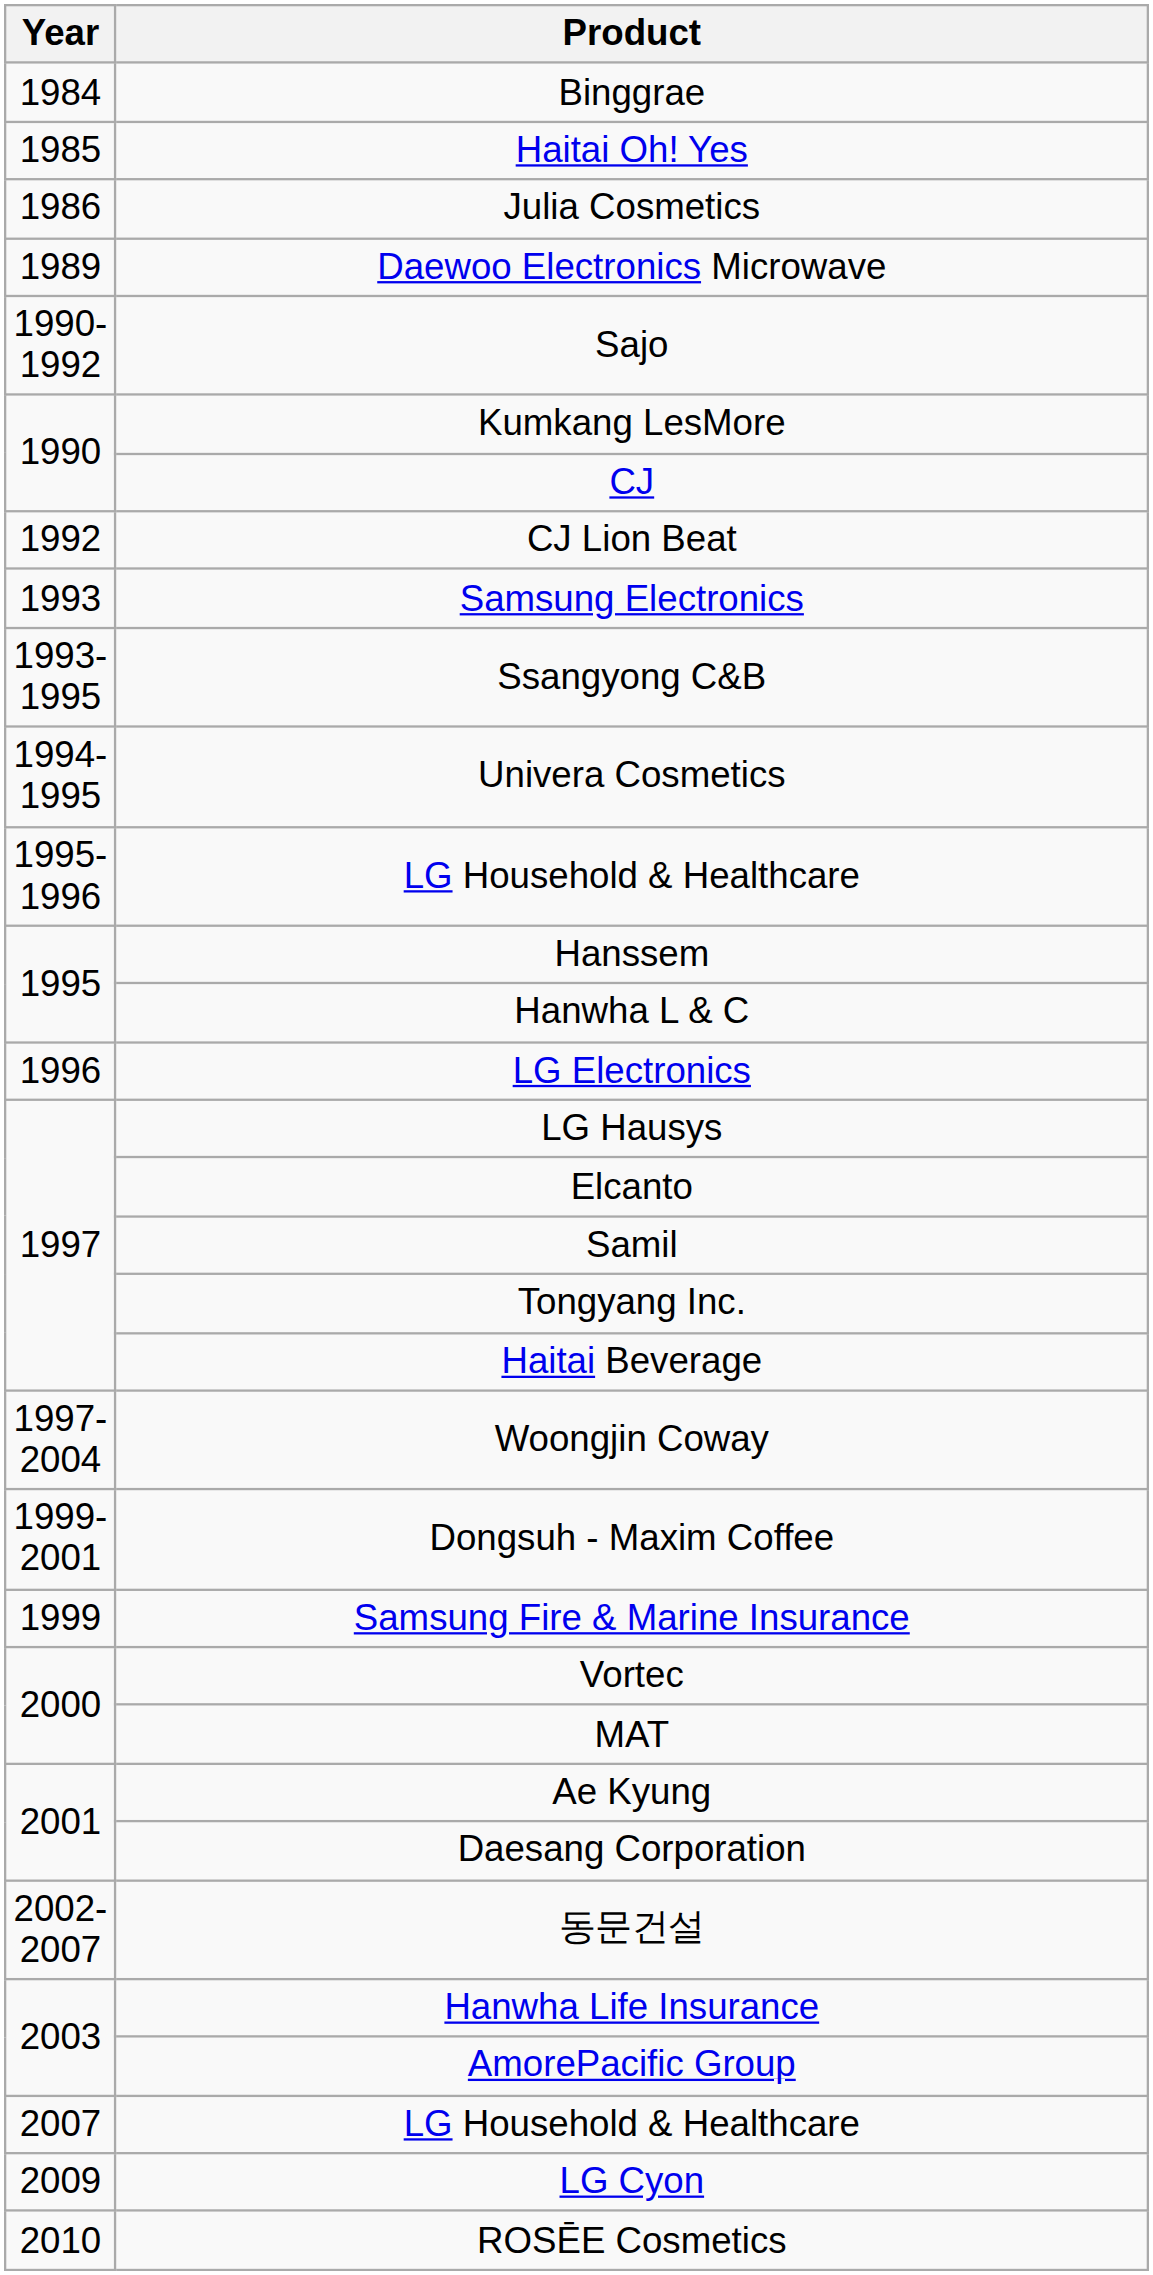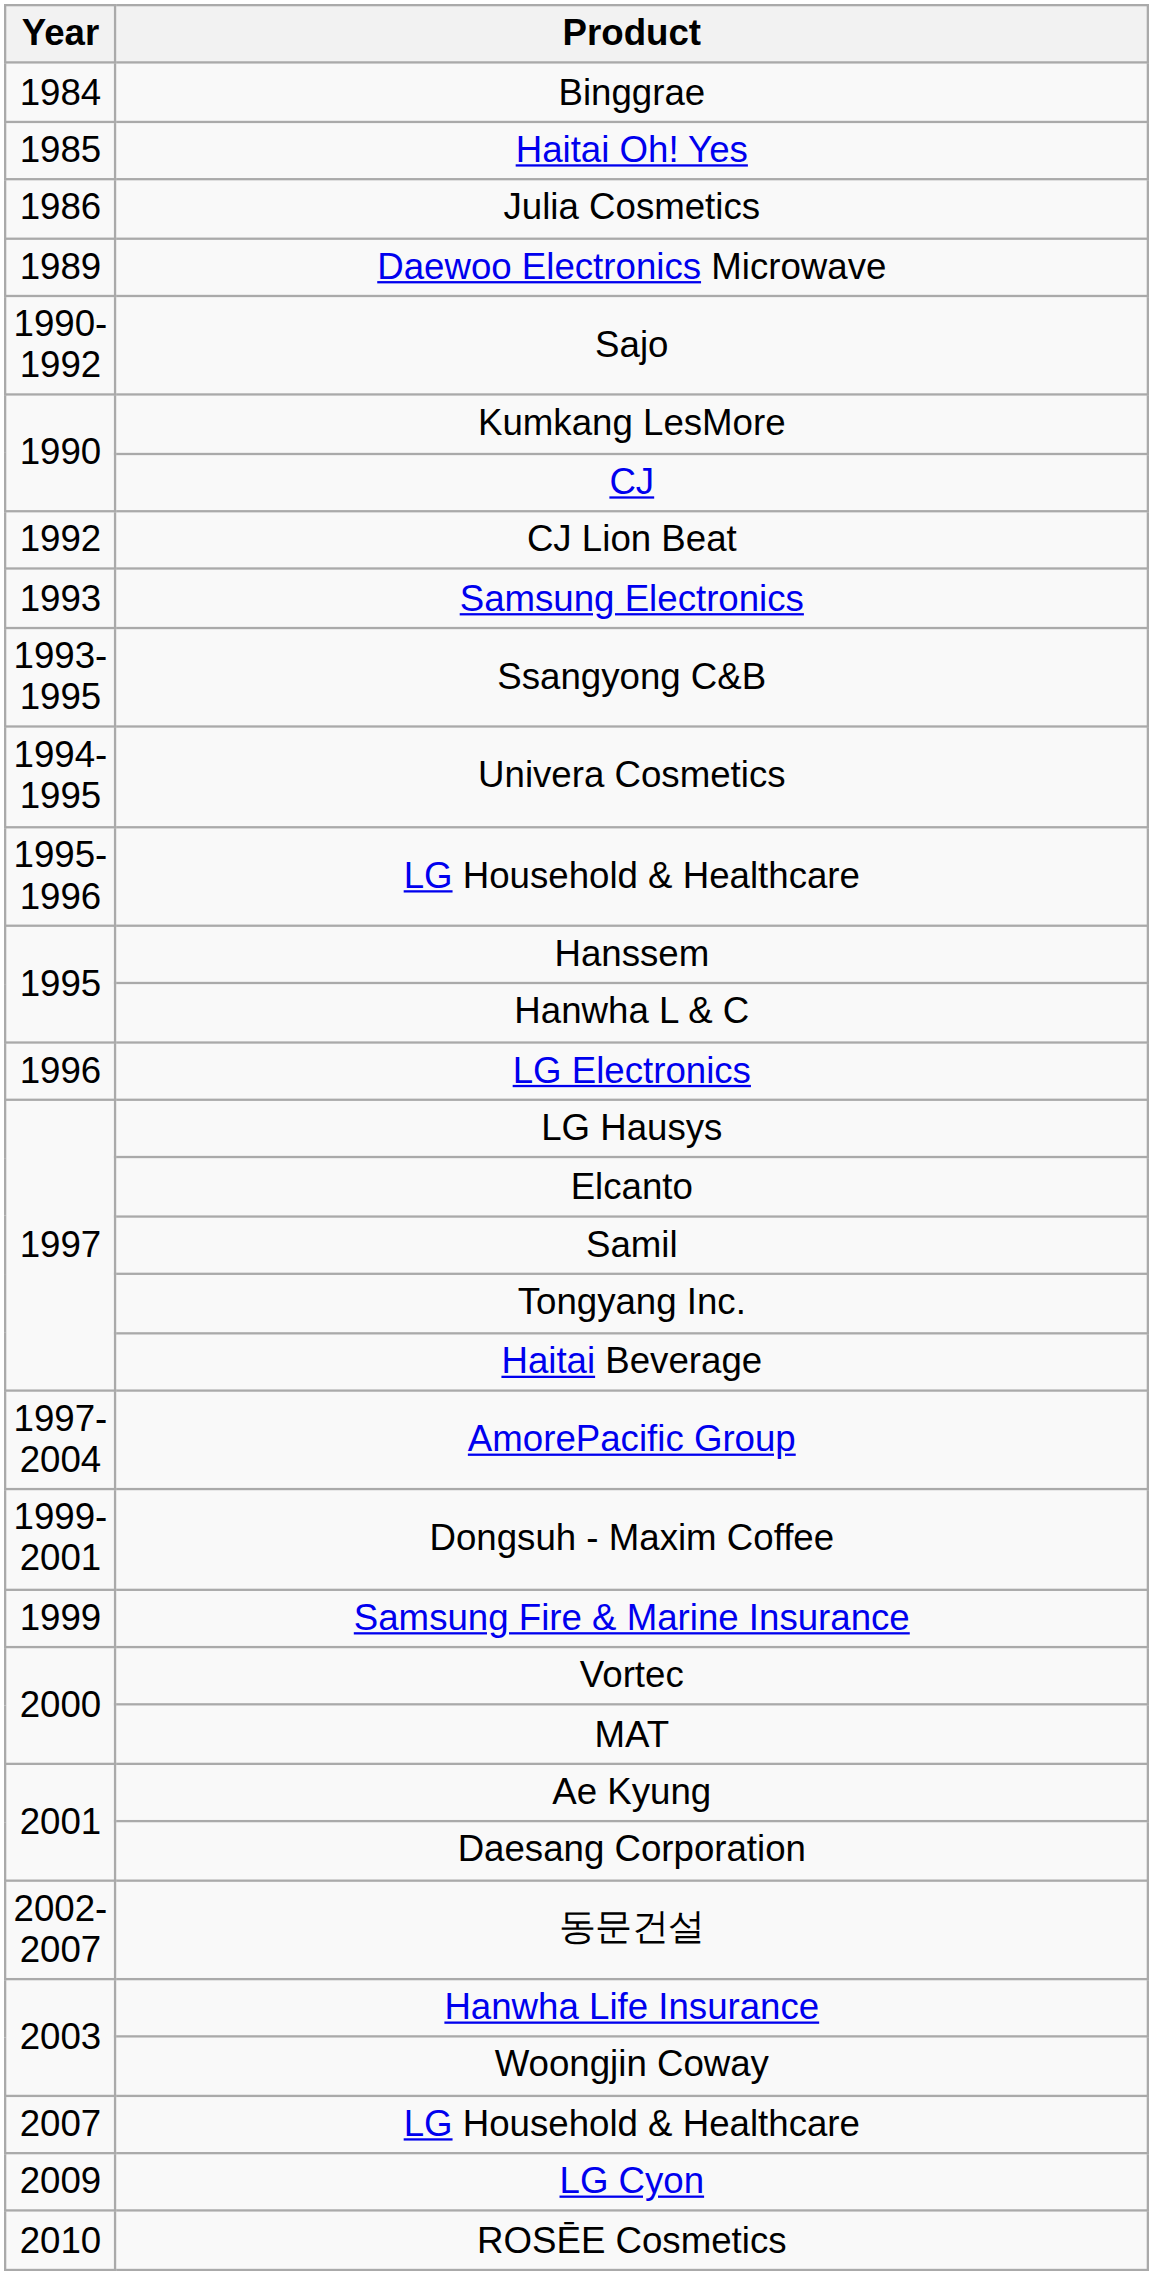 <table class="wikitable" style="width:500px">
 <tr>
 <th width=10>Year</th>
 <th>Product</th>
 </tr>
 <tr>
 <td align="center">1984</td>
 <td align="center">Binggrae</td>
 </tr>
 <tr>
 <td align="center">1985</td>
 <td align="center"><a href='#'>Haitai Oh! Yes</a></td>
 </tr>
 <tr>
 <td align="center">1986</td>
 <td align="center">Julia Cosmetics</td>
 </tr>
 <tr>
 <td align="center">1989</td>
 <td align="center"><a href='#'>Daewoo Electronics</a> Microwave</td>
 </tr>
 <tr>
 <td align="center">1990-1992</td>
 <td align="center">Sajo</td>
 </tr>
 <tr>
 <td align="center" rowspan=2>1990</td>
 <td align="center">Kumkang LesMore</td>
 </tr>
 <tr>
 <td align="center"><a href='#'>CJ</a></td>
 </tr>
 <tr>
 <td align="center">1992</td>
 <td align="center">CJ Lion Beat</td>
 </tr>
 <tr>
 <td align="center">1993</td>
 <td align="center"><a href='#'>Samsung Electronics</a></td>
 </tr>
 <tr>
 <td align="center">1993-1995</td>
 <td align="center">Ssangyong C&B</td>
 </tr>
 <tr>
 <td align="center">1994-1995</td>
 <td align="center">Univera Cosmetics</td>
 </tr>
 <tr>
 <td align="center">1995-1996</td>
 <td align="center"><a href='#'>LG</a> Household & Healthcare</td>
 </tr>
 <tr>
 <td align="center" rowspan=2>1995</td>
 <td align="center">Hanssem</td>
 </tr>
 <tr>
 <td align="center">Hanwha L & C</td>
 </tr>
 <tr>
 <td align="center">1996</td>
 <td align="center"><a href='#'>LG Electronics</a></td>
 </tr>
 <tr>
 <td align="center" rowspan=5>1997</td>
 <td align="center">LG Hausys</td>
 </tr>
 <tr>
 <td align="center">Elcanto</td>
 </tr>
 <tr>
 <td align="center">Samil</td>
 </tr>
 <tr>
 <td align="center">Tongyang Inc.</td>
 </tr>
 <tr>
 <td align="center"><a href='#'>Haitai</a> Beverage</td>
 </tr>
 <tr>
 <td align="center">1997-2004</td>
-<td align="center">Woongjin Coway</td>
+<td align="center"><a href='#'>AmorePacific Group</a></td>
 </tr>
 <tr>
 <td align="center">1999-2001</td>
 <td align="center">Dongsuh - Maxim Coffee</td>
 </tr>
 <tr>
 <td align="center">1999</td>
 <td align="center"><a href='#'>Samsung Fire & Marine Insurance</a></td>
 </tr>
 <tr>
 <td align="center" rowspan=2>2000</td>
 <td align="center">Vortec</td>
 </tr>
 <tr>
 <td align="center">MAT</td>
 </tr>
 <tr>
 <td align="center" rowspan=2>2001</td>
 <td align="center">Ae Kyung</td>
 </tr>
 <tr>
 <td align="center">Daesang Corporation</td>
 </tr>
 <tr>
 <td align="center">2002-2007</td>
 <td align="center">동문건설</td>
 </tr>
 <tr>
 <td align="center" rowspan=2>2003</td>
 <td align="center"><a href='#'>Hanwha Life Insurance</a></td>
 </tr>
 <tr>
-<td align="center"><a href='#'>AmorePacific Group</a></td>
+<td align="center">Woongjin Coway</td>
 </tr>
 <tr>
 <td align="center">2007</td>
 <td align="center"><a href='#'>LG</a> Household & Healthcare</td>
 </tr>
 <tr>
 <td align="center">2009</td>
 <td align="center"><a href='#'>LG Cyon</a></td>
 </tr>
 <tr>
 <td align="center">2010</td>
 <td align="center">ROSĒE Cosmetics</td>
 </tr>
 </table>
